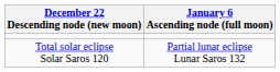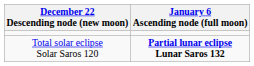 <table class="wikitable">
 <tr>
 <th><a href='#'>December 22</a><br>Descending node (new moon)<br></th>
 <th><a href='#'>January 6</a><br>Ascending node (full moon)<br></th>
 </tr>
 <tr>
 <td></td>
 <td></td>
 </tr>
 <tr align=center>
 <td><a href='#'>Total solar eclipse</a><br>Solar Saros 120</td>
-<td><a href='#'>Partial lunar eclipse</a><br>Lunar Saros 132</td>
+<td><strong><a href='#'>Partial lunar eclipse</a><br>Lunar Saros 132</strong></td>
 </tr>
 </table>
